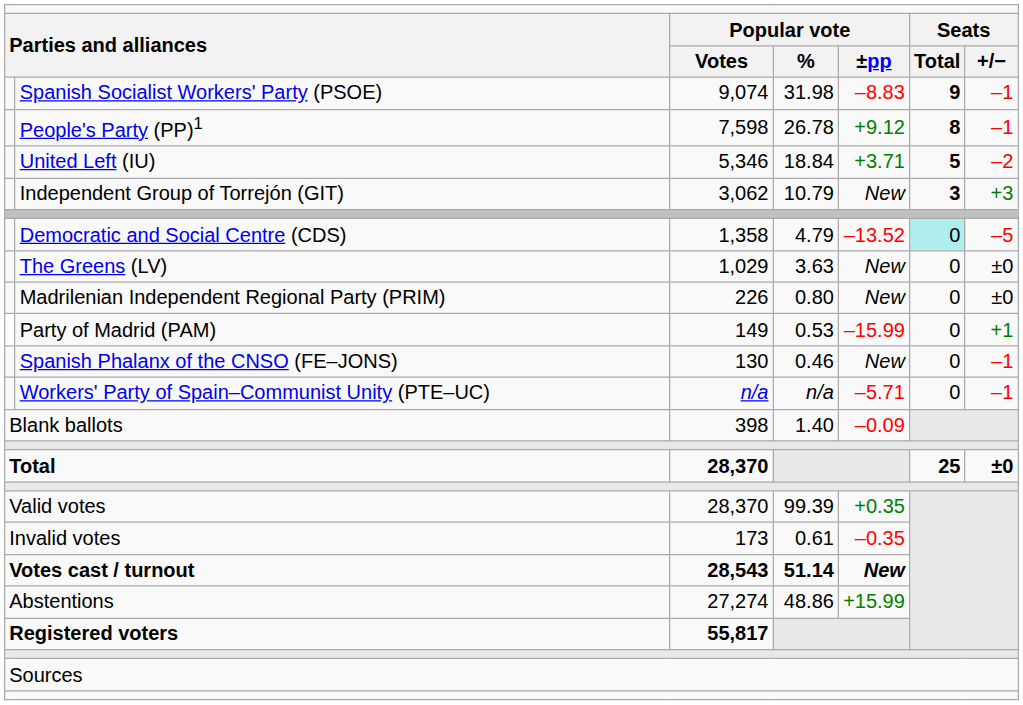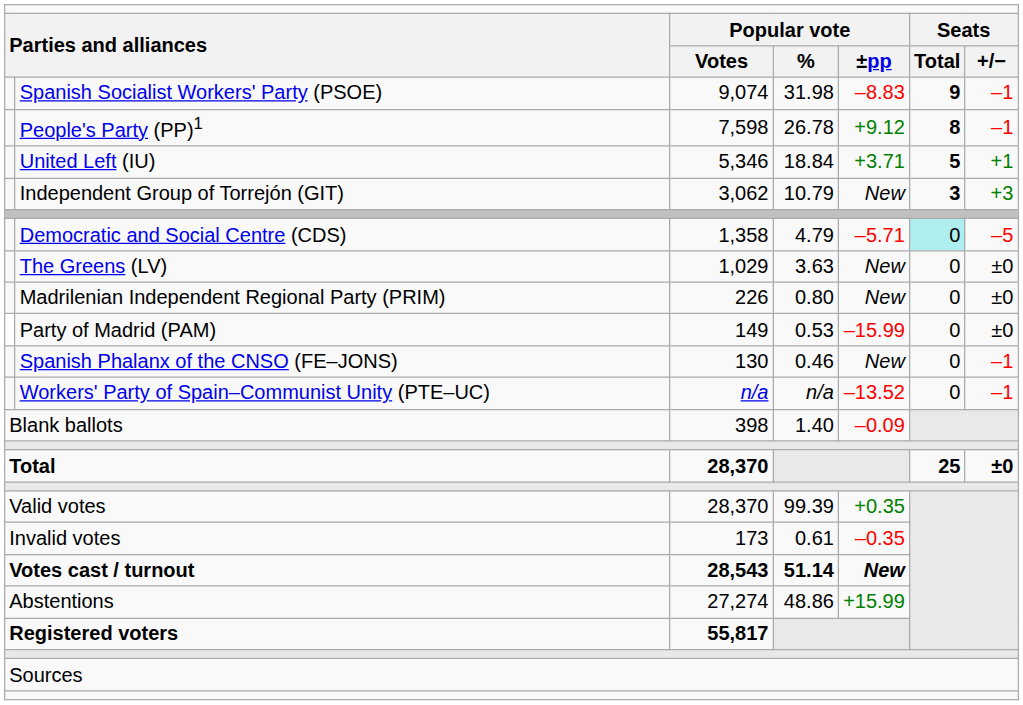 <table class="wikitable" style="text-align:right;">
 <tr>
 <td colspan="7"></td>
 </tr>
 <tr>
 <th style="text-align:left;" rowspan="2" colspan="2" width="525">Parties and alliances</th>
 <th colspan="3">Popular vote</th>
 <th colspan="2">Seats</th>
 </tr>
 <tr>
 <th width="75">Votes</th>
 <th width="45">%</th>
 <th width="45">±<a href='#'>pp</a></th>
 <th width="35">Total</th>
 <th width="35">+/−</th>
 </tr>
 <tr>
 <td width="1" style="color:inherit;background:"></td>
 <td align="left"><a href='#'>Spanish Socialist Workers' Party</a> (PSOE)</td>
 <td>9,074</td>
 <td>31.98</td>
 <td style="color:red;">–8.83</td>
 <td><strong>9</strong></td>
 <td style="color:red;">–1</td>
 </tr>
 <tr>
 <td style="color:inherit;background:"></td>
 <td align="left"><a href='#'>People's Party</a> (PP)<sup>1</sup></td>
 <td>7,598</td>
 <td>26.78</td>
 <td style="color:green;">+9.12</td>
 <td><strong>8</strong></td>
 <td style="color:red;">–1</td>
 </tr>
 <tr>
 <td style="color:inherit;background:"></td>
 <td align="left"><a href='#'>United Left</a> (IU)</td>
 <td>5,346</td>
 <td>18.84</td>
 <td style="color:green;">+3.71</td>
 <td><strong>5</strong></td>
-<td style="color:red;">–2</td>
+<td style="color:green;">+1</td>
 </tr>
 <tr>
 <td style="color:inherit;background:"></td>
 <td align="left">Independent Group of Torrejón (GIT)</td>
 <td>3,062</td>
 <td>10.79</td>
 <td><em>New</em></td>
 <td><strong>3</strong></td>
 <td style="color:green;">+3</td>
 </tr>
 <tr>
 <td colspan="7" bgcolor="#C0C0C0"></td>
 </tr>
 <tr>
 <td style="color:inherit;background:"></td>
 <td align="left"><a href='#'>Democratic and Social Centre</a> (CDS)</td>
 <td>1,358</td>
 <td>4.79</td>
-<td style="color:red;">–13.52</td>
+<td style="color:red;">–5.71</td>
 <td style="background: paleturquoise;">0</td>
 <td style="color:red;">–5</td>
 </tr>
 <tr>
 <td style="color:inherit;background:"></td>
 <td align="left"><a href='#'>The Greens</a> (LV)</td>
 <td>1,029</td>
 <td>3.63</td>
 <td><em>New</em></td>
 <td>0</td>
 <td>±0</td>
 </tr>
 <tr>
 <td style="color:inherit;background:"></td>
 <td align="left">Madrilenian Independent Regional Party (PRIM)</td>
 <td>226</td>
 <td>0.80</td>
 <td><em>New</em></td>
 <td>0</td>
 <td>±0</td>
 </tr>
 <tr>
 <td bgcolor="white"></td>
 <td align="left">Party of Madrid (PAM)</td>
 <td>149</td>
 <td>0.53</td>
 <td style="color:red;">–15.99</td>
 <td>0</td>
-<td style="color:green;">+1</td>
+<td>±0</td>
 </tr>
 <tr>
 <td style="color:inherit;background:"></td>
 <td align="left"><a href='#'>Spanish Phalanx of the CNSO</a> (FE–JONS)</td>
 <td>130</td>
 <td>0.46</td>
 <td><em>New</em></td>
 <td>0</td>
 <td style="color:red;">–1</td>
 </tr>
 <tr>
 <td style="color:inherit;background:"></td>
 <td align="left"><a href='#'>Workers' Party of Spain–Communist Unity</a> (PTE–UC)</td>
 <td><em><a href='#'>n/a</a></em></td>
 <td><em>n/a</em></td>
-<td style="color:red;">–5.71</td>
+<td style="color:red;">–13.52</td>
 <td>0</td>
 <td style="color:red;">–1</td>
 </tr>
 <tr>
 <td align="left" colspan="2">Blank ballots</td>
 <td>398</td>
 <td>1.40</td>
 <td style="color:red;">–0.09</td>
 <td bgcolor="#E9E9E9" colspan="2"></td>
 </tr>
 <tr>
 <td colspan="7" bgcolor="#E9E9E9"></td>
 </tr>
 <tr style="font-weight:bold;">
 <td align="left" colspan="2">Total</td>
 <td>28,370</td>
 <td bgcolor="#E9E9E9" colspan="2"></td>
 <td>25</td>
 <td>±0</td>
 </tr>
 <tr>
 <td colspan="7" bgcolor="#E9E9E9"></td>
 </tr>
 <tr>
 <td align="left" colspan="2">Valid votes</td>
 <td>28,370</td>
 <td>99.39</td>
 <td style="color:green;">+0.35</td>
 <td bgcolor="#E9E9E9" colspan="2" rowspan="5"></td>
 </tr>
 <tr>
 <td align="left" colspan="2">Invalid votes</td>
 <td>173</td>
 <td>0.61</td>
 <td style="color:red;">–0.35</td>
 </tr>
 <tr style="font-weight:bold;">
 <td align="left" colspan="2">Votes cast / turnout</td>
 <td>28,543</td>
 <td>51.14</td>
 <td><em>New</em></td>
 </tr>
 <tr>
 <td align="left" colspan="2">Abstentions</td>
 <td>27,274</td>
 <td>48.86</td>
 <td style="color:green;">+15.99</td>
 </tr>
 <tr style="font-weight:bold;">
 <td align="left" colspan="2">Registered voters</td>
 <td>55,817</td>
 <td bgcolor="#E9E9E9" colspan="2"></td>
 </tr>
 <tr>
 <td colspan="7" bgcolor="#E9E9E9"></td>
 </tr>
 <tr>
 <td align="left" colspan="7">Sources</td>
 </tr>
 <tr>
 <td colspan="7" style="text-align:left; max-width:790px;"></td>
 </tr>
 </table>
